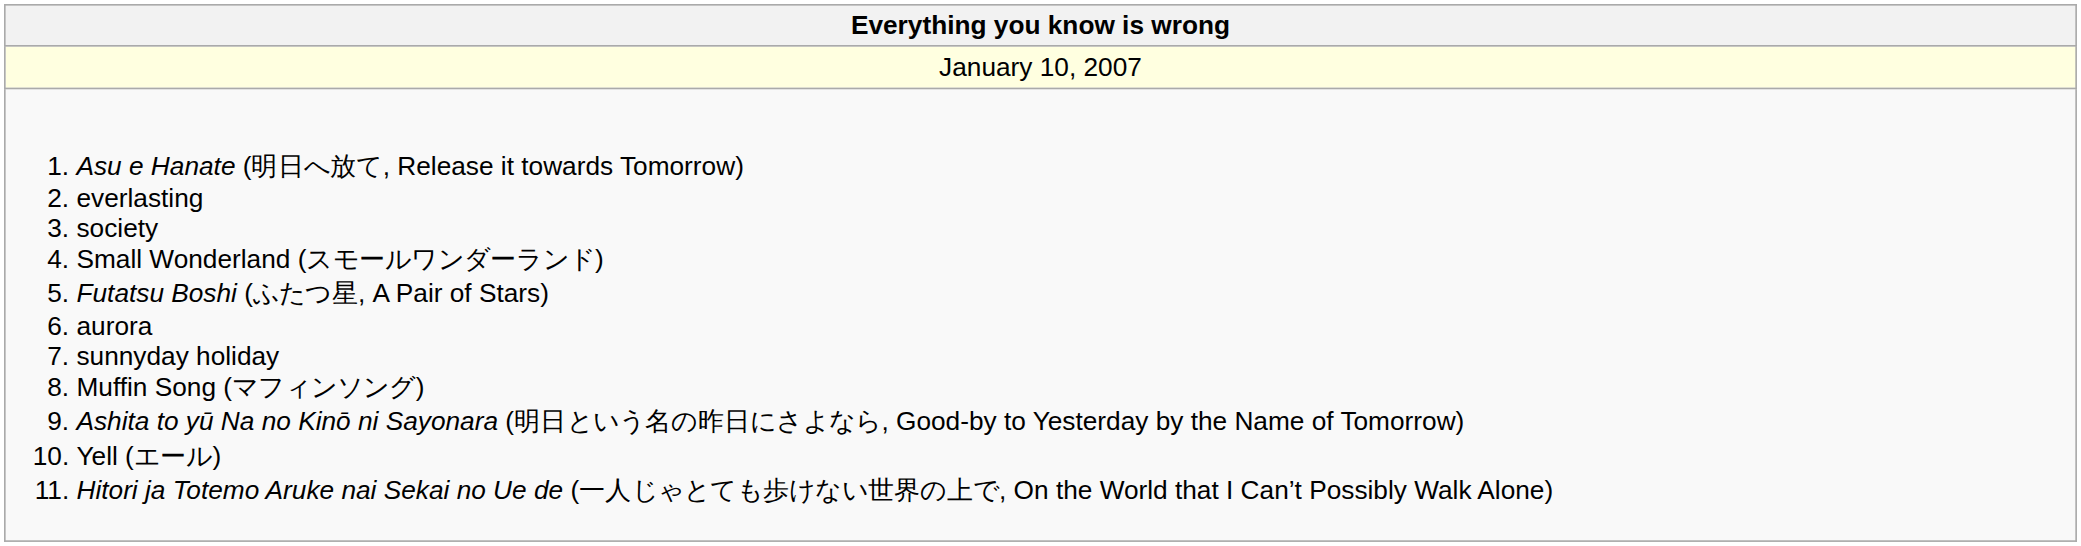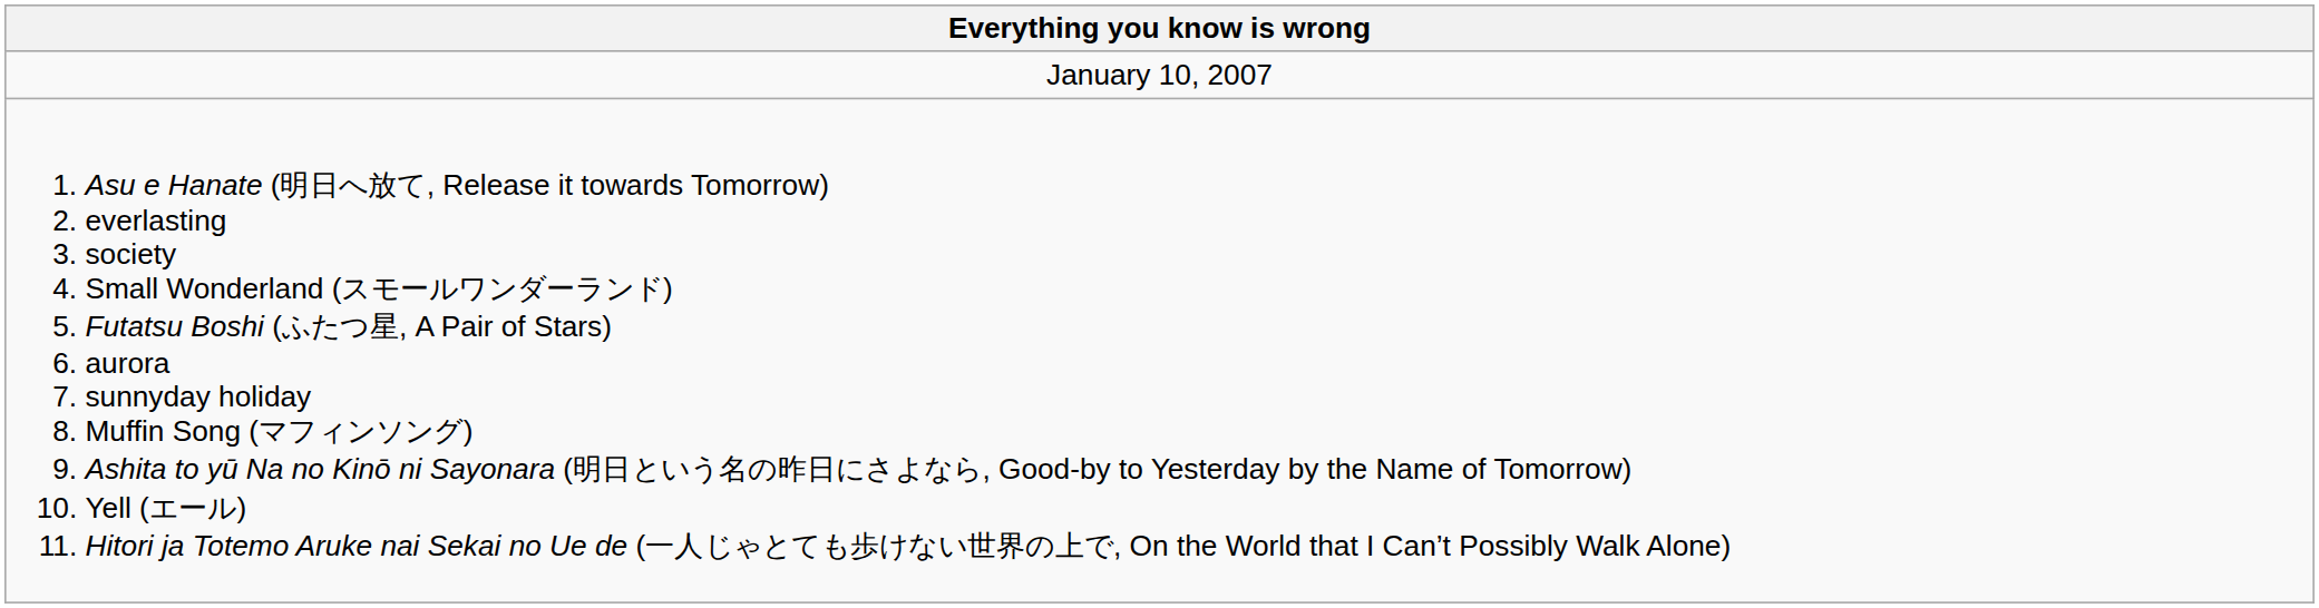 <table class="wikitable" style="width:100%">
 <tr>
 <th>Everything you know is wrong</th>
 </tr>
 <tr>
-<td style="background: lightyellow; text-align:center">January 10, 2007</td>
+<td style="text-align:center">January 10, 2007</td>
 </tr>
 <tr>
 <td><br><ol><li><em>Asu e Hanate</em> (明日へ放て, Release it towards Tomorrow)</li><li>everlasting</li><li>society</li><li>Small Wonderland (スモールワンダーランド)</li><li><em>Futatsu Boshi</em> (ふたつ星, A Pair of Stars)</li><li>aurora</li><li>sunnyday holiday</li><li>Muffin Song (マフィンソング)</li><li><em>Ashita to yū Na no Kinō ni Sayonara</em> (明日という名の昨日にさよなら, Good-by to Yesterday by the Name of Tomorrow)</li><li>Yell (エール)</li><li><em>Hitori ja Totemo Aruke nai Sekai no Ue de</em> (一人じゃとても歩けない世界の上で, On the World that I Can’t Possibly Walk Alone)</li></ol></td>
 </tr>
 </table>
